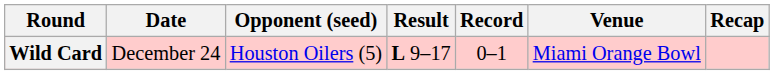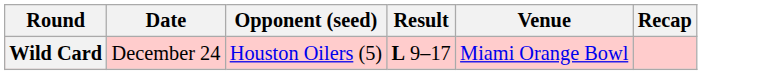 <table class="wikitable" style="text-align:center">
 <tr>
 <th>Round</th>
 <th>Date</th>
 <th>Opponent (seed)</th>
 <th>Result</th>
-<th>Record</th>
 <th>Venue</th>
 <th>Recap</th>
 </tr>
 <tr style="text-align:center; background:#fcc;">
 <th>Wild Card</th>
 <td>December 24</td>
 <td><a href='#'>Houston Oilers</a> (5)</td>
 <td><strong>L</strong> 9–17</td>
-<td>0–1</td>
 <td><a href='#'>Miami Orange Bowl</a></td>
 <td></td>
 </tr>
 </table>
